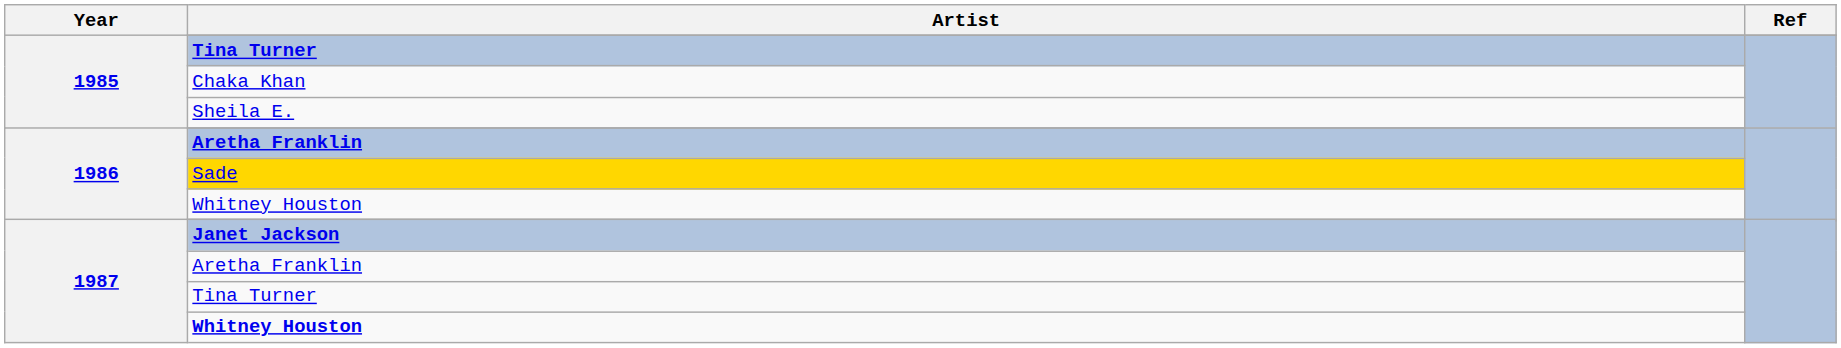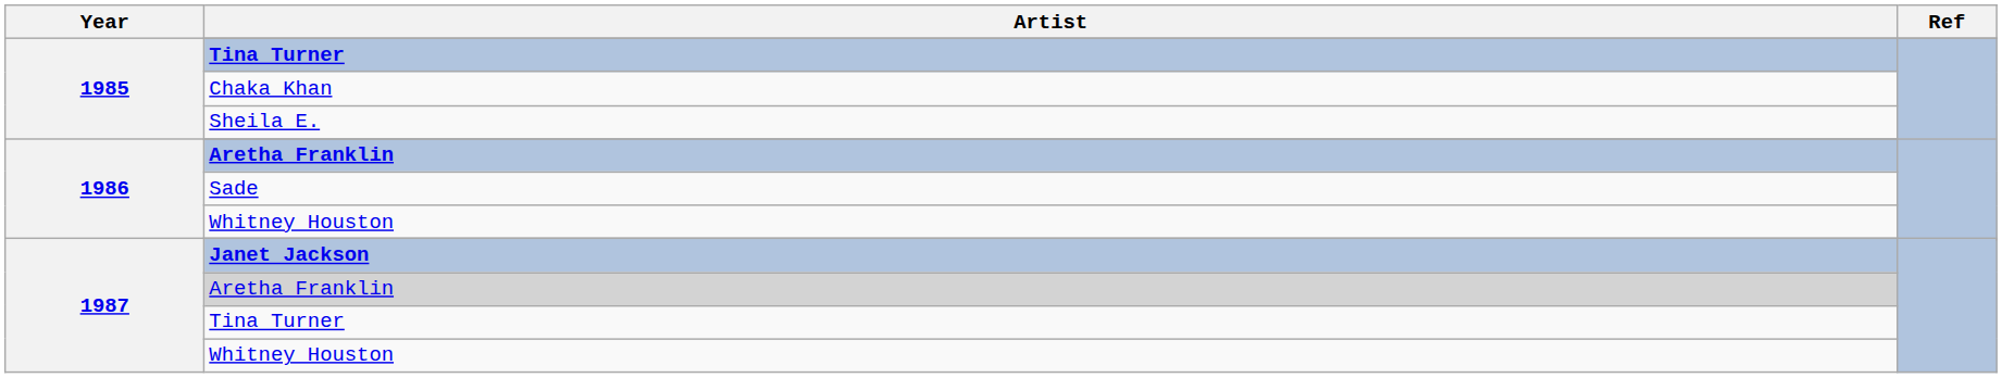 <table class="wikitable" width="100%">
 <tr>
 <th width="10%">Year</th>
 <th width="85%">Artist</th>
 <th width="5%">Ref</th>
 </tr>
 <tr>
 <th rowspan="4" align="center"><a href='#'>1985<br></a></th>
 </tr>
 <tr style="background:#B0C4DE">
 <td><strong><a href='#'>Tina Turner</a></strong></td>
 <td rowspan="4" align="center"></td>
 </tr>
 <tr>
 <td><a href='#'>Chaka Khan</a></td>
 </tr>
 <tr>
 <td><a href='#'>Sheila E.</a></td>
 </tr>
 <tr>
 <th rowspan="4" align="center"><a href='#'>1986<br></a></th>
 </tr>
 <tr style="background:#B0C4DE">
 <td><strong><a href='#'>Aretha Franklin</a></strong></td>
 <td rowspan="4" align="center"></td>
 </tr>
 <tr>
-<td style="background: gold;"><a href='#'>Sade</a></td>
+<td><a href='#'>Sade</a></td>
 </tr>
 <tr>
 <td><a href='#'>Whitney Houston</a></td>
 </tr>
 <tr>
 <th rowspan="5" align="center"><a href='#'>1987<br></a></th>
 </tr>
 <tr style="background:#B0C4DE">
 <td><strong><a href='#'>Janet Jackson</a></strong></td>
 <td rowspan="5" align="center"></td>
 </tr>
 <tr>
-<td><a href='#'>Aretha Franklin</a></td>
+<td style="background: lightgrey;"><a href='#'>Aretha Franklin</a></td>
 </tr>
 <tr>
 <td><a href='#'>Tina Turner</a></td>
 </tr>
 <tr>
-<td><strong><a href='#'>Whitney Houston</a></strong></td>
+<td><a href='#'>Whitney Houston</a></td>
 </tr>
 </table>
